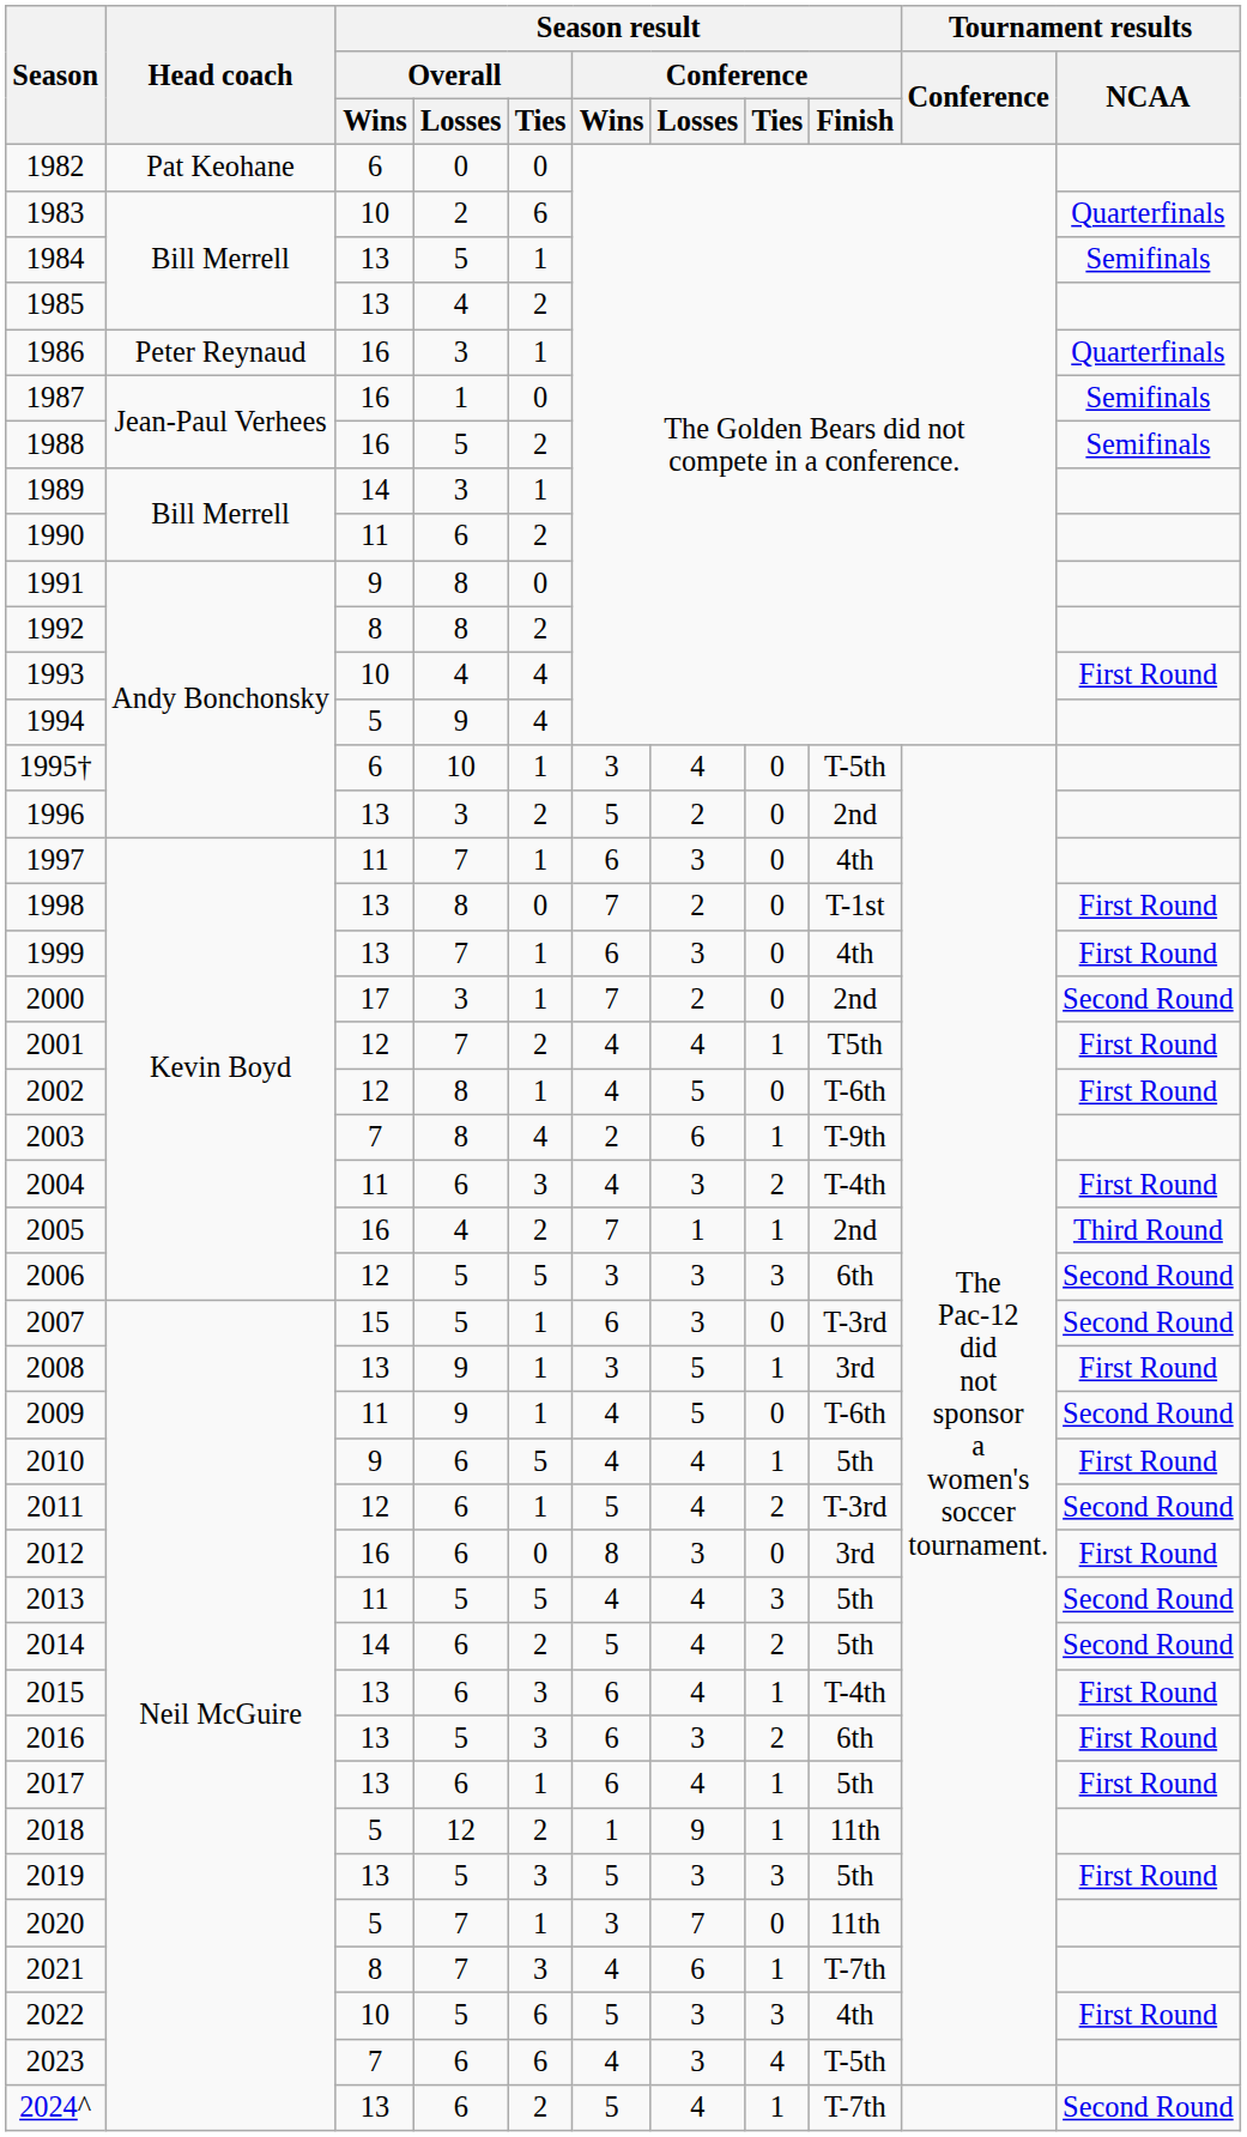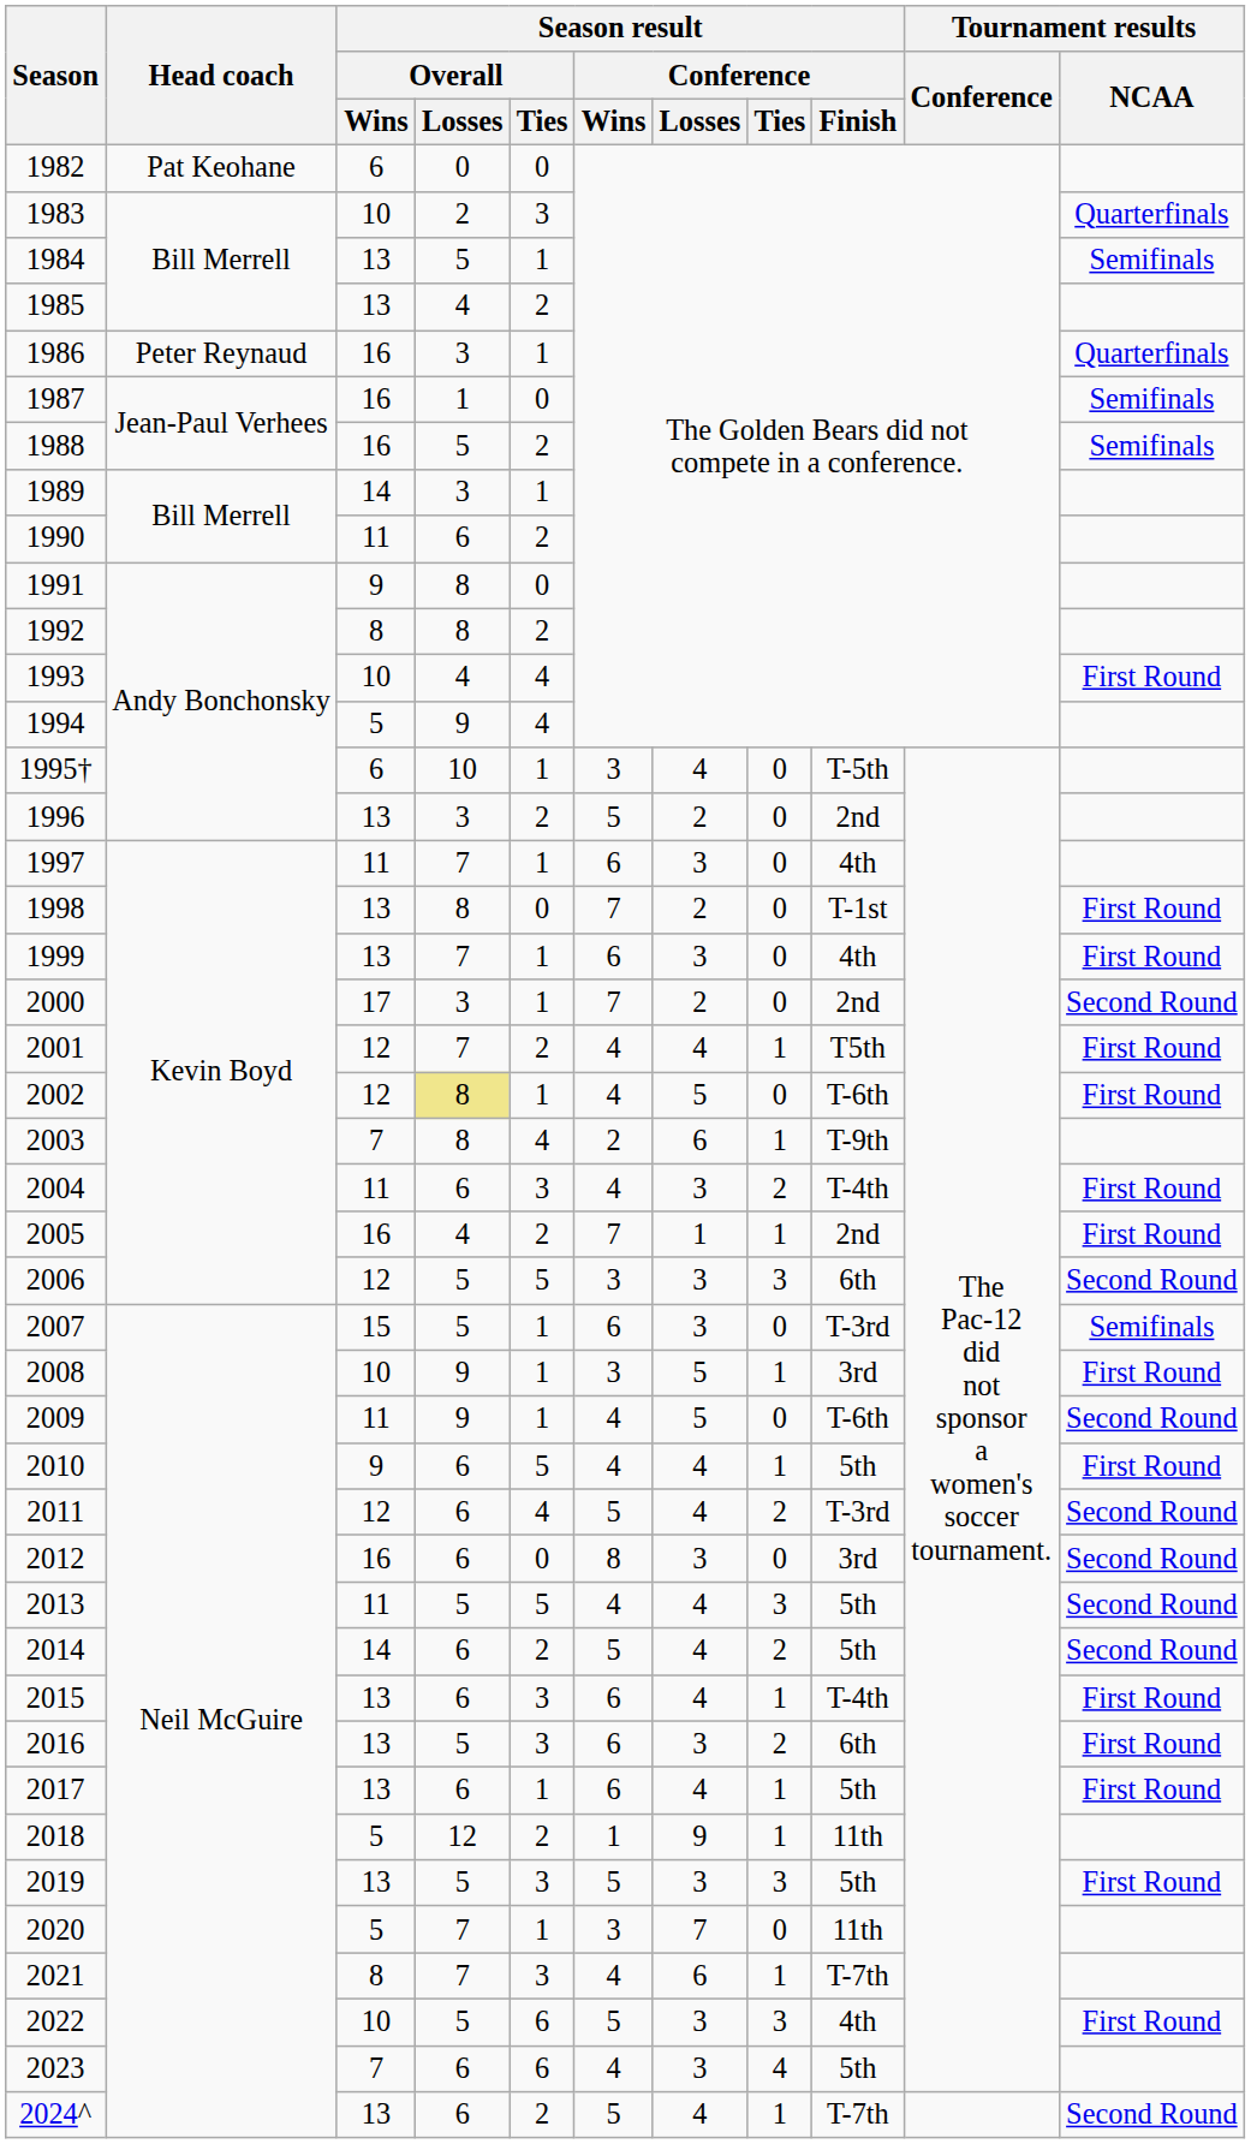 <table class="wikitable" style="font-size: %; text-align:center;">
 <tr>
 <th rowspan=3 width=px>Season</th>
 <th rowspan=3width=px>Head coach</th>
 <th colspan=7 width=px>Season result</th>
 <th colspan=2 width=px>Tournament results</th>
 </tr>
 <tr>
 <th colspan=3 width=px>Overall</th>
 <th colspan=4 width=px>Conference</th>
 <th rowspan=2 width=px>Conference</th>
 <th rowspan=2 width=px>NCAA</th>
 </tr>
 <tr>
 <th width=px>Wins</th>
 <th width=px>Losses</th>
 <th width=px>Ties</th>
 <th width=px>Wins</th>
 <th width=px>Losses</th>
 <th width=px>Ties</th>
 <th width=px>Finish</th>
 </tr>
 <tr>
 <td>1982</td>
 <td>Pat Keohane</td>
 <td>6</td>
 <td>0</td>
 <td>0</td>
 <td colspan=5 rowspan=13>The Golden Bears did not<br>compete in a conference.</td>
 <td></td>
 </tr>
 <tr>
 <td>1983</td>
 <td rowspan=3>Bill Merrell</td>
 <td>10</td>
 <td>2</td>
-<td>6</td>
+<td>3</td>
 <td><a href='#'>Quarterfinals</a></td>
 </tr>
 <tr>
 <td>1984</td>
 <td>13</td>
 <td>5</td>
 <td>1</td>
 <td><a href='#'>Semifinals</a></td>
 </tr>
 <tr>
 <td>1985</td>
 <td>13</td>
 <td>4</td>
 <td>2</td>
 <td></td>
 </tr>
 <tr>
 <td>1986</td>
 <td>Peter Reynaud</td>
 <td>16</td>
 <td>3</td>
 <td>1</td>
 <td><a href='#'>Quarterfinals</a></td>
 </tr>
 <tr>
 <td>1987</td>
 <td rowspan=2>Jean-Paul Verhees</td>
 <td>16</td>
 <td>1</td>
 <td>0</td>
 <td><a href='#'>Semifinals</a></td>
 </tr>
 <tr>
 <td>1988</td>
 <td>16</td>
 <td>5</td>
 <td>2</td>
 <td><a href='#'>Semifinals</a></td>
 </tr>
 <tr>
 <td>1989</td>
 <td rowspan=2>Bill Merrell</td>
 <td>14</td>
 <td>3</td>
 <td>1</td>
 <td></td>
 </tr>
 <tr>
 <td>1990</td>
 <td>11</td>
 <td>6</td>
 <td>2</td>
 <td></td>
 </tr>
 <tr>
 <td>1991</td>
 <td rowspan=6>Andy Bonchonsky</td>
 <td>9</td>
 <td>8</td>
 <td>0</td>
 <td></td>
 </tr>
 <tr>
 <td>1992</td>
 <td>8</td>
 <td>8</td>
 <td>2</td>
 <td></td>
 </tr>
 <tr>
 <td>1993</td>
 <td>10</td>
 <td>4</td>
 <td>4</td>
 <td><a href='#'>First Round</a></td>
 </tr>
 <tr>
 <td>1994</td>
 <td>5</td>
 <td>9</td>
 <td>4</td>
 <td></td>
 </tr>
 <tr>
 <td>1995†</td>
 <td>6</td>
 <td>10</td>
 <td>1</td>
 <td>3</td>
 <td>4</td>
 <td>0</td>
 <td>T-5th</td>
 <td rowspan=29>The<br>Pac-12<br>did<br>not<br>sponsor<br>a<br>women's<br>soccer<br>tournament.</td>
 <td></td>
 </tr>
 <tr>
 <td>1996</td>
 <td>13</td>
 <td>3</td>
 <td>2</td>
 <td>5</td>
 <td>2</td>
 <td>0</td>
 <td>2nd</td>
 <td></td>
 </tr>
 <tr>
 <td>1997</td>
 <td rowspan=10>Kevin Boyd</td>
 <td>11</td>
 <td>7</td>
 <td>1</td>
 <td>6</td>
 <td>3</td>
 <td>0</td>
 <td>4th</td>
 <td></td>
 </tr>
 <tr>
 <td>1998</td>
 <td>13</td>
 <td>8</td>
 <td>0</td>
 <td>7</td>
 <td>2</td>
 <td>0</td>
 <td>T-1st</td>
 <td><a href='#'>First Round</a></td>
 </tr>
 <tr>
 <td>1999</td>
 <td>13</td>
 <td>7</td>
 <td>1</td>
 <td>6</td>
 <td>3</td>
 <td>0</td>
 <td>4th</td>
 <td><a href='#'>First Round</a></td>
 </tr>
 <tr>
 <td>2000</td>
 <td>17</td>
 <td>3</td>
 <td>1</td>
 <td>7</td>
 <td>2</td>
 <td>0</td>
 <td>2nd</td>
 <td><a href='#'>Second Round</a></td>
 </tr>
 <tr>
 <td>2001</td>
 <td>12</td>
 <td>7</td>
 <td>2</td>
 <td>4</td>
 <td>4</td>
 <td>1</td>
 <td>T5th</td>
 <td><a href='#'>First Round</a></td>
 </tr>
 <tr>
 <td>2002</td>
 <td>12</td>
-<td>8</td>
+<td style="background: khaki;">8</td>
 <td>1</td>
 <td>4</td>
 <td>5</td>
 <td>0</td>
 <td>T-6th</td>
 <td><a href='#'>First Round</a></td>
 </tr>
 <tr>
 <td>2003</td>
 <td>7</td>
 <td>8</td>
 <td>4</td>
 <td>2</td>
 <td>6</td>
 <td>1</td>
 <td>T-9th</td>
 <td></td>
 </tr>
 <tr>
 <td>2004</td>
 <td>11</td>
 <td>6</td>
 <td>3</td>
 <td>4</td>
 <td>3</td>
 <td>2</td>
 <td>T-4th</td>
 <td><a href='#'>First Round</a></td>
 </tr>
 <tr>
 <td>2005</td>
 <td>16</td>
 <td>4</td>
 <td>2</td>
 <td>7</td>
 <td>1</td>
 <td>1</td>
 <td>2nd</td>
-<td><a href='#'>Third Round</a></td>
+<td><a href='#'>First Round</a></td>
 </tr>
 <tr>
 <td>2006</td>
 <td>12</td>
 <td>5</td>
 <td>5</td>
 <td>3</td>
 <td>3</td>
 <td>3</td>
 <td>6th</td>
 <td><a href='#'>Second Round</a></td>
 </tr>
 <tr>
 <td>2007</td>
 <td rowspan=18>Neil McGuire</td>
 <td>15</td>
 <td>5</td>
 <td>1</td>
 <td>6</td>
 <td>3</td>
 <td>0</td>
 <td>T-3rd</td>
-<td><a href='#'>Second Round</a></td>
+<td><a href='#'>Semifinals</a></td>
 </tr>
 <tr>
 <td>2008</td>
-<td>13</td>
+<td>10</td>
 <td>9</td>
 <td>1</td>
 <td>3</td>
 <td>5</td>
 <td>1</td>
 <td>3rd</td>
 <td><a href='#'>First Round</a></td>
 </tr>
 <tr>
 <td>2009</td>
 <td>11</td>
 <td>9</td>
 <td>1</td>
 <td>4</td>
 <td>5</td>
 <td>0</td>
 <td>T-6th</td>
 <td><a href='#'>Second Round</a></td>
 </tr>
 <tr>
 <td>2010</td>
 <td>9</td>
 <td>6</td>
 <td>5</td>
 <td>4</td>
 <td>4</td>
 <td>1</td>
 <td>5th</td>
 <td><a href='#'>First Round</a></td>
 </tr>
 <tr>
 <td>2011</td>
 <td>12</td>
 <td>6</td>
-<td>1</td>
+<td>4</td>
 <td>5</td>
 <td>4</td>
 <td>2</td>
 <td>T-3rd</td>
 <td><a href='#'>Second Round</a></td>
 </tr>
 <tr>
 <td>2012</td>
 <td>16</td>
 <td>6</td>
 <td>0</td>
 <td>8</td>
 <td>3</td>
 <td>0</td>
 <td>3rd</td>
-<td><a href='#'>First Round</a></td>
+<td><a href='#'>Second Round</a></td>
 </tr>
 <tr>
 <td>2013</td>
 <td>11</td>
 <td>5</td>
 <td>5</td>
 <td>4</td>
 <td>4</td>
 <td>3</td>
 <td>5th</td>
 <td><a href='#'>Second Round</a></td>
 </tr>
 <tr>
 <td>2014</td>
 <td>14</td>
 <td>6</td>
 <td>2</td>
 <td>5</td>
 <td>4</td>
 <td>2</td>
 <td>5th</td>
 <td><a href='#'>Second Round</a></td>
 </tr>
 <tr>
 <td>2015</td>
 <td>13</td>
 <td>6</td>
 <td>3</td>
 <td>6</td>
 <td>4</td>
 <td>1</td>
 <td>T-4th</td>
 <td><a href='#'>First Round</a></td>
 </tr>
 <tr>
 <td>2016</td>
 <td>13</td>
 <td>5</td>
 <td>3</td>
 <td>6</td>
 <td>3</td>
 <td>2</td>
 <td>6th</td>
 <td><a href='#'>First Round</a></td>
 </tr>
 <tr>
 <td>2017</td>
 <td>13</td>
 <td>6</td>
 <td>1</td>
 <td>6</td>
 <td>4</td>
 <td>1</td>
 <td>5th</td>
 <td><a href='#'>First Round</a></td>
 </tr>
 <tr>
 <td>2018</td>
 <td>5</td>
 <td>12</td>
 <td>2</td>
 <td>1</td>
 <td>9</td>
 <td>1</td>
 <td>11th</td>
 <td></td>
 </tr>
 <tr>
 <td>2019</td>
 <td>13</td>
 <td>5</td>
 <td>3</td>
 <td>5</td>
 <td>3</td>
 <td>3</td>
 <td>5th</td>
 <td><a href='#'>First Round</a></td>
 </tr>
 <tr>
 <td>2020</td>
 <td>5</td>
 <td>7</td>
 <td>1</td>
 <td>3</td>
 <td>7</td>
 <td>0</td>
 <td>11th</td>
 <td></td>
 </tr>
 <tr>
 <td>2021</td>
 <td>8</td>
 <td>7</td>
 <td>3</td>
 <td>4</td>
 <td>6</td>
 <td>1</td>
 <td>T-7th</td>
 <td></td>
 </tr>
 <tr>
 <td>2022</td>
 <td>10</td>
 <td>5</td>
 <td>6</td>
 <td>5</td>
 <td>3</td>
 <td>3</td>
 <td>4th</td>
 <td><a href='#'>First Round</a></td>
 </tr>
 <tr>
 <td>2023</td>
 <td>7</td>
 <td>6</td>
 <td>6</td>
 <td>4</td>
 <td>3</td>
 <td>4</td>
-<td>T-5th</td>
+<td>5th</td>
 <td></td>
 </tr>
 <tr>
 <td><a href='#'>2024</a>^</td>
 <td>13</td>
 <td>6</td>
 <td>2</td>
 <td>5</td>
 <td>4</td>
 <td>1</td>
 <td>T-7th</td>
 <td></td>
 <td><a href='#'>Second Round</a></td>
 </tr>
 </table>
